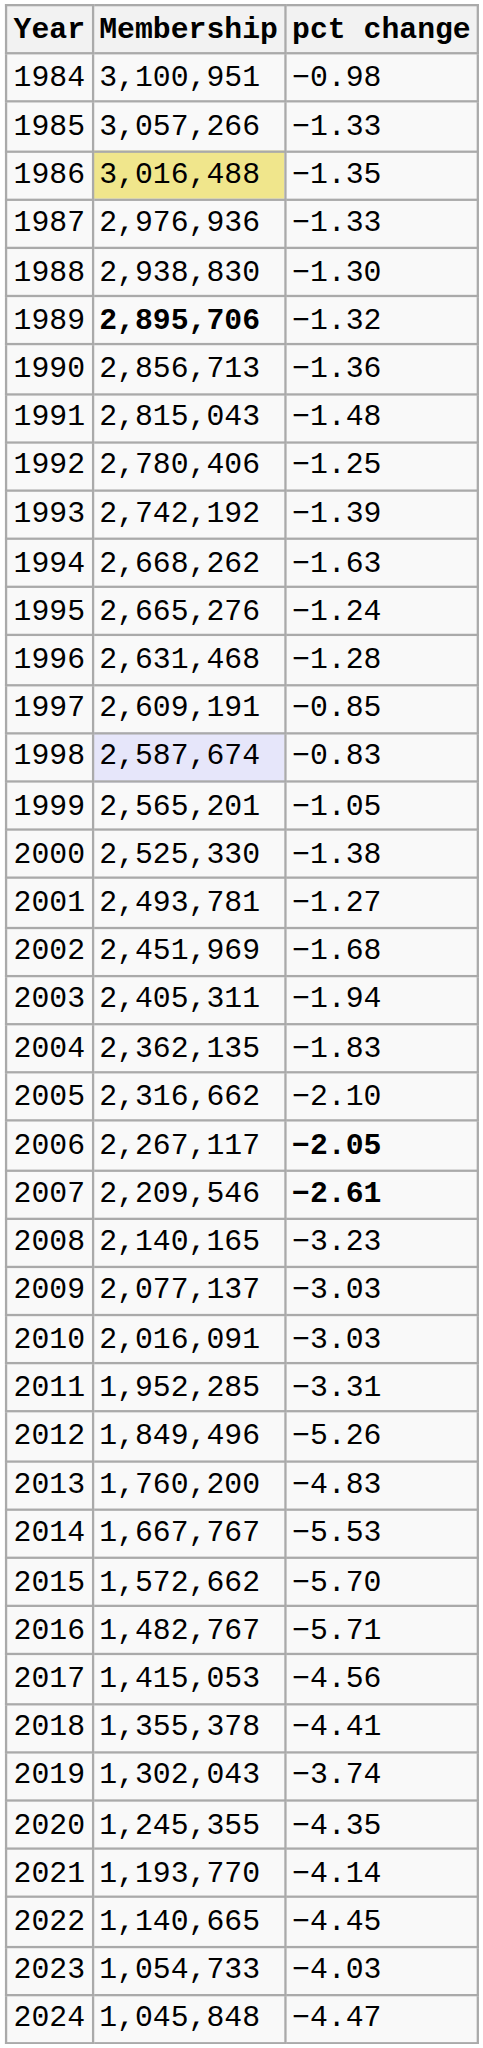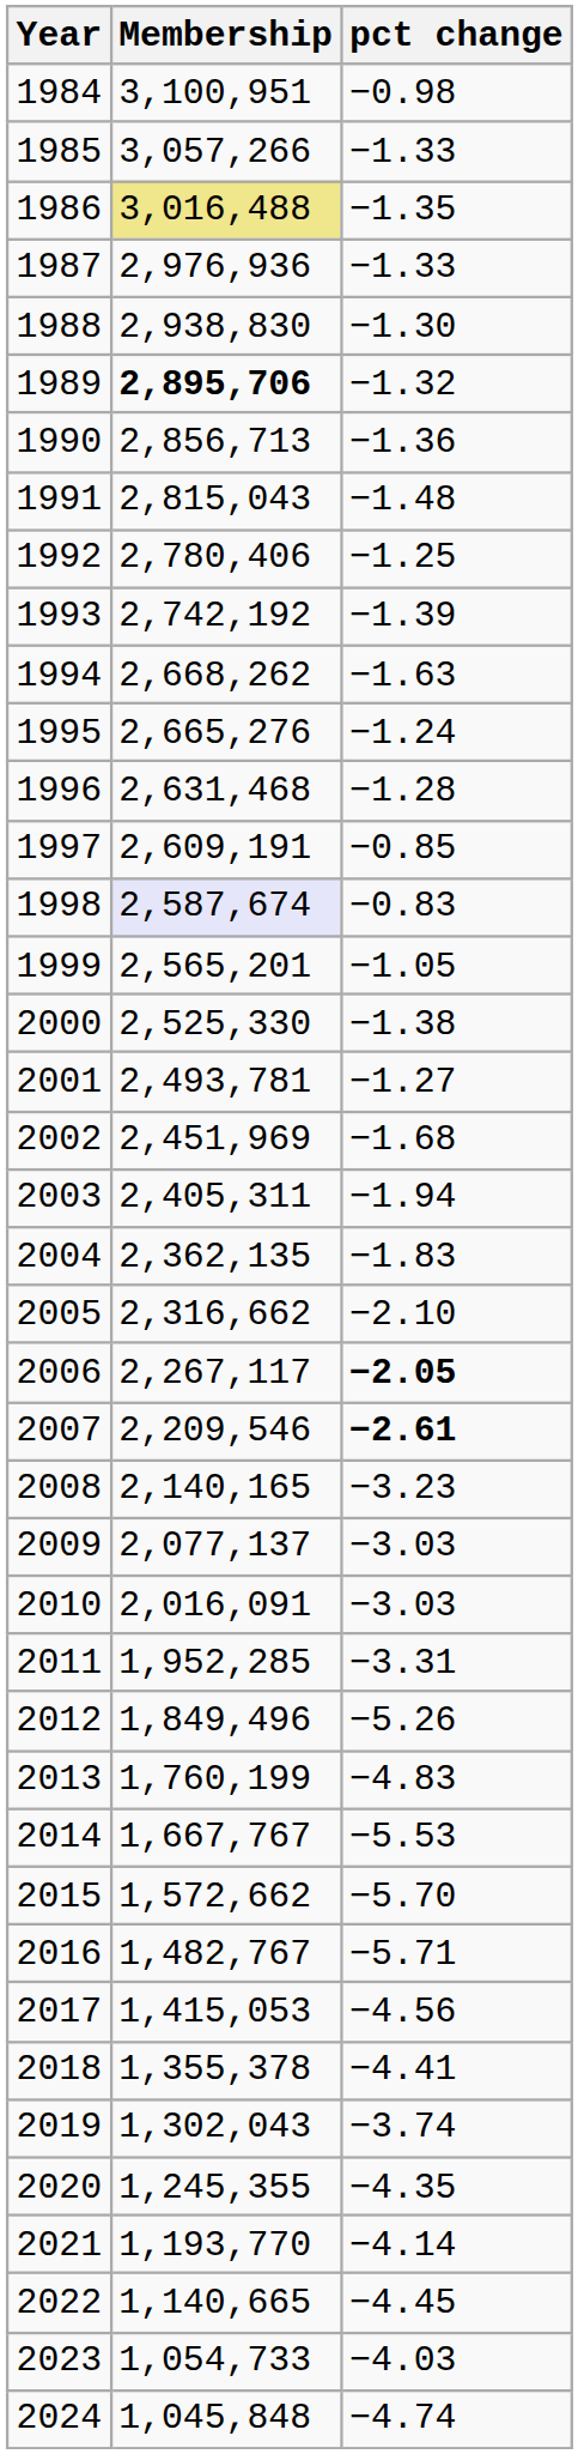 <table class="wikitable" style="margin:auto auto auto auto; front-size:95%; float:right;">
 <tr>
 <th>Year</th>
 <th>Membership</th>
 <th>pct change</th>
 </tr>
 <tr>
 <td>1984</td>
 <td>3,100,951</td>
 <td>−0.98</td>
 </tr>
 <tr>
 <td>1985</td>
 <td>3,057,266</td>
 <td>−1.33</td>
 </tr>
 <tr>
 <td>1986</td>
 <td style="background: khaki;">3,016,488</td>
 <td>−1.35</td>
 </tr>
 <tr>
 <td>1987</td>
 <td>2,976,936</td>
 <td>−1.33</td>
 </tr>
 <tr>
 <td>1988</td>
 <td>2,938,830</td>
 <td>−1.30</td>
 </tr>
 <tr>
 <td>1989</td>
 <td><strong>2,895,706</strong></td>
 <td>−1.32</td>
 </tr>
 <tr>
 <td>1990</td>
 <td>2,856,713</td>
 <td>−1.36</td>
 </tr>
 <tr>
 <td>1991</td>
 <td>2,815,043</td>
 <td>−1.48</td>
 </tr>
 <tr>
 <td>1992</td>
 <td>2,780,406</td>
 <td>−1.25</td>
 </tr>
 <tr>
 <td>1993</td>
 <td>2,742,192</td>
 <td>−1.39</td>
 </tr>
 <tr>
 <td>1994</td>
 <td>2,668,262</td>
 <td>−1.63</td>
 </tr>
 <tr>
 <td>1995</td>
 <td>2,665,276</td>
 <td>−1.24</td>
 </tr>
 <tr>
 <td>1996</td>
 <td>2,631,468</td>
 <td>−1.28</td>
 </tr>
 <tr>
 <td>1997</td>
 <td>2,609,191</td>
 <td>−0.85</td>
 </tr>
 <tr>
 <td>1998</td>
 <td style="background: lavender;">2,587,674</td>
 <td>−0.83</td>
 </tr>
 <tr>
 <td>1999</td>
 <td>2,565,201</td>
 <td>−1.05</td>
 </tr>
 <tr>
 <td>2000</td>
 <td>2,525,330</td>
 <td>−1.38</td>
 </tr>
 <tr>
 <td>2001</td>
 <td>2,493,781</td>
 <td>−1.27</td>
 </tr>
 <tr>
 <td>2002</td>
 <td>2,451,969</td>
 <td>−1.68</td>
 </tr>
 <tr>
 <td>2003</td>
 <td>2,405,311</td>
 <td>−1.94</td>
 </tr>
 <tr>
 <td>2004</td>
 <td>2,362,135</td>
 <td>−1.83</td>
 </tr>
 <tr>
 <td>2005</td>
 <td>2,316,662</td>
 <td>−2.10</td>
 </tr>
 <tr>
 <td>2006</td>
 <td>2,267,117</td>
 <td><strong>−2.05</strong></td>
 </tr>
 <tr>
 <td>2007</td>
 <td>2,209,546</td>
 <td><strong>−2.61</strong></td>
 </tr>
 <tr>
 <td>2008</td>
 <td>2,140,165</td>
 <td>−3.23</td>
 </tr>
 <tr>
 <td>2009</td>
 <td>2,077,137</td>
 <td>−3.03</td>
 </tr>
 <tr>
 <td>2010</td>
 <td>2,016,091</td>
 <td>−3.03</td>
 </tr>
 <tr>
 <td>2011</td>
 <td>1,952,285</td>
 <td>−3.31</td>
 </tr>
 <tr>
 <td>2012</td>
 <td>1,849,496</td>
 <td>−5.26</td>
 </tr>
 <tr>
 <td>2013</td>
-<td>1,760,200</td>
+<td>1,760,199</td>
 <td>−4.83</td>
 </tr>
 <tr>
 <td>2014</td>
 <td>1,667,767</td>
 <td>−5.53</td>
 </tr>
 <tr>
 <td>2015</td>
 <td>1,572,662</td>
 <td>−5.70</td>
 </tr>
 <tr>
 <td>2016</td>
 <td>1,482,767</td>
 <td>−5.71</td>
 </tr>
 <tr>
 <td>2017</td>
 <td>1,415,053</td>
 <td>−4.56</td>
 </tr>
 <tr>
 <td>2018</td>
 <td>1,355,378</td>
 <td>−4.41</td>
 </tr>
 <tr>
 <td>2019</td>
 <td>1,302,043</td>
 <td>−3.74</td>
 </tr>
 <tr>
 <td>2020</td>
 <td>1,245,355</td>
 <td>−4.35</td>
 </tr>
 <tr>
 <td>2021</td>
 <td>1,193,770</td>
 <td>−4.14</td>
 </tr>
 <tr>
 <td>2022</td>
 <td>1,140,665</td>
 <td>−4.45</td>
 </tr>
 <tr>
 <td>2023</td>
 <td>1,054,733</td>
 <td>−4.03</td>
 </tr>
 <tr>
 <td>2024</td>
 <td>1,045,848</td>
-<td>−4.47</td>
+<td>−4.74</td>
 </tr>
 </table>
